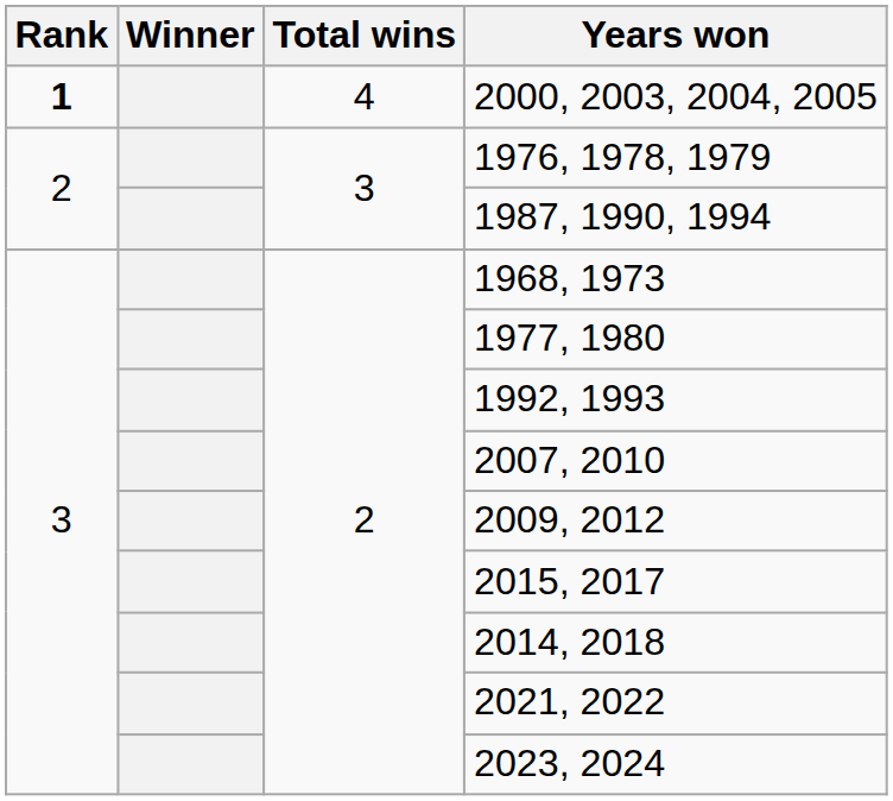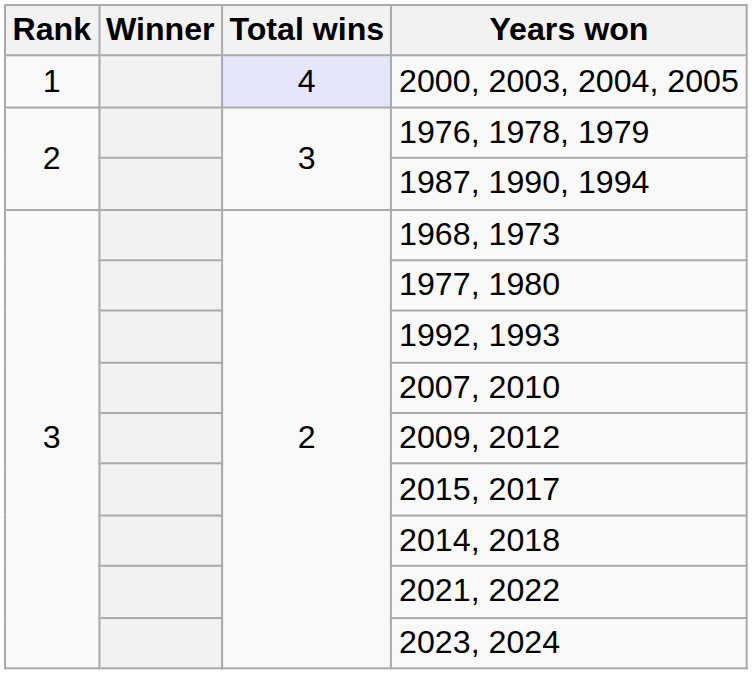 <table class="wikitable plainrowheaders">
 <tr>
 <th scope="col">Rank</th>
 <th scope="col">Winner</th>
 <th scope="col">Total wins</th>
 <th scope="col">Years won</th>
 </tr>
 <tr>
-<td style="text-align:center;"><strong>1</strong></td>
+<td style="text-align:center;">1</td>
 <th scope="row"></th>
-<td style="text-align:center;">4</td>
+<td style="background: lavender; text-align:center;">4</td>
 <td>2000, 2003, 2004, 2005</td>
 </tr>
 <tr>
 <td rowspan="2" style="text-align:center;">2</td>
 <th scope="row"></th>
 <td rowspan="2" style="text-align:center;">3</td>
 <td>1976, 1978, 1979</td>
 </tr>
 <tr>
 <th scope="row"></th>
 <td>1987, 1990, 1994</td>
 </tr>
 <tr>
 <td rowspan="9" style="text-align:center;">3</td>
 <th scope="row"></th>
 <td rowspan="9" style="text-align:center;">2</td>
 <td>1968, 1973</td>
 </tr>
 <tr>
 <th scope="row"></th>
 <td>1977, 1980</td>
 </tr>
 <tr>
 <th scope="row"></th>
 <td>1992, 1993</td>
 </tr>
 <tr>
 <th scope="row"></th>
 <td>2007, 2010</td>
 </tr>
 <tr>
 <th scope="row"></th>
 <td>2009, 2012</td>
 </tr>
 <tr>
 <th scope="row"></th>
 <td>2015, 2017</td>
 </tr>
 <tr>
 <th scope="row"></th>
 <td>2014, 2018</td>
 </tr>
 <tr>
 <th scope="row"></th>
 <td>2021, 2022</td>
 </tr>
 <tr>
 <th scope="row"></th>
 <td>2023, 2024</td>
 </tr>
 </table>
